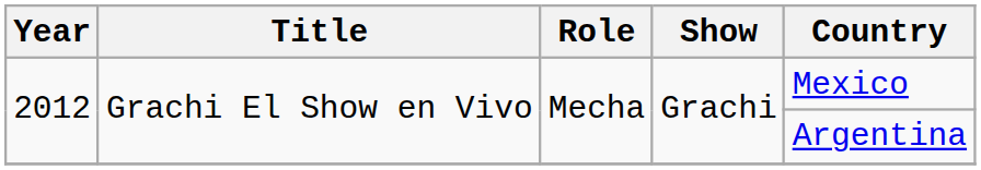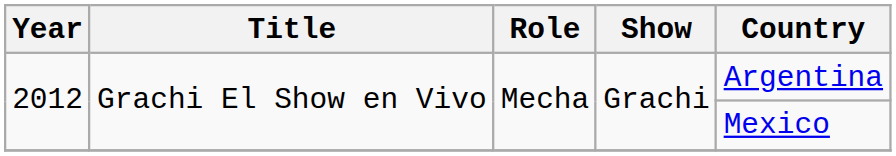 <table class="wikitable">
 <tr>
 <th>Year</th>
 <th>Title</th>
 <th>Role</th>
 <th>Show</th>
 <th>Country</th>
 </tr>
 <tr>
 <td rowspan=2>2012</td>
 <td rowspan=2>Grachi El Show en Vivo</td>
 <td rowspan=2>Mecha</td>
 <td rowspan=2>Grachi</td>
-<td><a href='#'>Mexico</a></td>
+<td><a href='#'>Argentina</a></td>
 </tr>
 <tr>
-<td><a href='#'>Argentina</a></td>
+<td><a href='#'>Mexico</a></td>
 </tr>
 <tr>
 </tr>
 </table>
